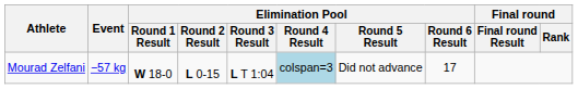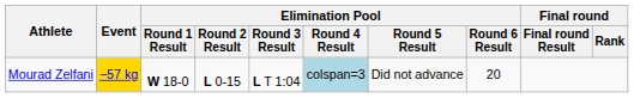 <table class="wikitable" style="font-size:90%">
 <tr>
 <th rowspan="2">Athlete</th>
 <th rowspan="2">Event</th>
 <th colspan=6>Elimination Pool</th>
 <th colspan=2>Final round</th>
 </tr>
 <tr style="font-size: 95%">
 <th>Round 1<br>Result</th>
 <th>Round 2<br>Result</th>
 <th>Round 3<br>Result</th>
 <th>Round 4<br>Result</th>
 <th>Round 5<br>Result</th>
 <th>Round 6<br>Result</th>
 <th>Final round<br>Result</th>
 <th>Rank</th>
 </tr>
 <tr align=center>
 <td align=left><a href='#'>Mourad Zelfani</a></td>
-<td align=left><a href='#'>−57 kg</a></td>
+<td align=left style="background: gold;"><a href='#'>−57 kg</a></td>
 <td><br><strong>W</strong> 18-0</td>
 <td><br><strong>L</strong> 0-15</td>
 <td><br><strong>L</strong> T 1:04</td>
 <td style="background: lightblue;">colspan=3 </td>
 <td>Did not advance</td>
-<td>17</td>
+<td>20</td>
 </tr>
 </table>
